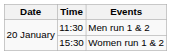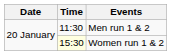 <table class="wikitable">
 <tr>
 <th>Date</th>
 <th>Time</th>
 <th>Events</th>
 </tr>
 <tr>
 <td rowspan="2">20 January</td>
 <td>11:30</td>
 <td>Men run 1 & 2</td>
 </tr>
 <tr>
-<td>15:30</td>
+<td style="background: lightyellow;">15:30</td>
 <td>Women run 1 & 2</td>
 </tr>
 </table>
